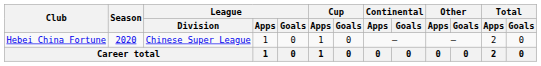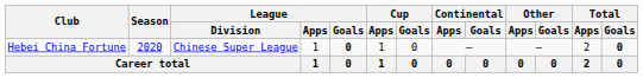 <table class="wikitable" style="text-align: center">
 <tr>
 <th rowspan="2">Club</th>
 <th rowspan="2">Season</th>
 <th colspan="3">League</th>
 <th colspan="2">Cup</th>
 <th colspan="2">Continental</th>
 <th colspan="2">Other</th>
 <th colspan="2">Total</th>
 </tr>
 <tr>
 <th>Division</th>
 <th>Apps</th>
 <th>Goals</th>
 <th>Apps</th>
 <th>Goals</th>
 <th>Apps</th>
 <th>Goals</th>
 <th>Apps</th>
 <th>Goals</th>
 <th>Apps</th>
 <th>Goals</th>
 </tr>
 <tr>
 <td><a href='#'>Hebei China Fortune</a></td>
 <td><a href='#'>2020</a></td>
 <td><a href='#'>Chinese Super League</a></td>
 <td>1</td>
-<td>0</td>
+<td><strong>0</strong></td>
 <td>1</td>
 <td>0</td>
 <td colspan="2">–</td>
 <td colspan="2">–</td>
 <td>2</td>
-<td>0</td>
+<td><strong>0</strong></td>
 </tr>
 <tr>
 <th colspan=3>Career total</th>
 <th>1</th>
 <th>0</th>
 <th>1</th>
 <th>0</th>
 <th>0</th>
 <th>0</th>
 <th>0</th>
 <th>0</th>
 <th>2</th>
 <th>0</th>
 </tr>
 </table>
